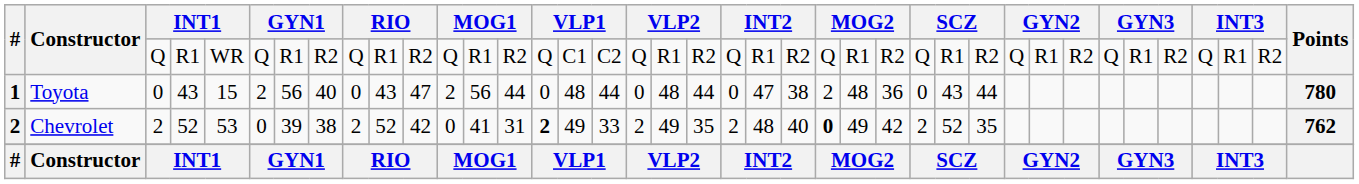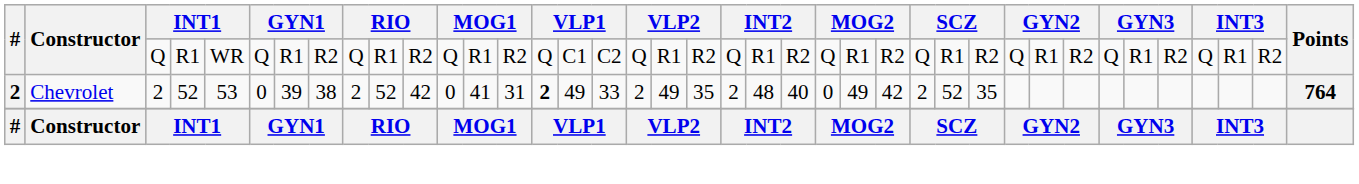 <table class="wikitable" style="font-size: 85%; text-align: center;">
 <tr valign="top">
 <th rowspan="2" valign="middle">#</th>
 <th rowspan="2" valign="middle">Constructor</th>
 <th colspan="3"><a href='#'>INT1</a></th>
 <th colspan="3"><a href='#'>GYN1</a></th>
 <th colspan="3"><a href='#'>RIO</a></th>
 <th colspan="3"><a href='#'>MOG1</a></th>
 <th colspan="3"><a href='#'>VLP1</a></th>
 <th colspan="3"><a href='#'>VLP2</a></th>
 <th colspan="3"><a href='#'>INT2</a></th>
 <th colspan="3"><a href='#'>MOG2</a></th>
 <th colspan="3"><a href='#'>SCZ</a></th>
 <th colspan="3"><a href='#'>GYN2</a></th>
 <th colspan="3"><a href='#'>GYN3</a></th>
 <th colspan="3"><a href='#'>INT3</a></th>
 <th rowspan="2" valign="middle">Points</th>
 </tr>
 <tr>
 <td>Q</td>
 <td>R1</td>
 <td>WR</td>
 <td>Q</td>
 <td>R1</td>
 <td>R2</td>
 <td>Q</td>
 <td>R1</td>
 <td>R2</td>
 <td>Q</td>
 <td>R1</td>
 <td>R2</td>
 <td>Q</td>
 <td>C1</td>
 <td>C2</td>
 <td>Q</td>
 <td>R1</td>
 <td>R2</td>
 <td>Q</td>
 <td>R1</td>
 <td>R2</td>
 <td>Q</td>
 <td>R1</td>
 <td>R2</td>
 <td>Q</td>
 <td>R1</td>
 <td>R2</td>
 <td>Q</td>
 <td>R1</td>
 <td>R2</td>
 <td>Q</td>
 <td>R1</td>
 <td>R2</td>
 <td>Q</td>
 <td>R1</td>
 <td>R2</td>
 </tr>
 <tr>
-<th>1</th>
-<td align=left> <a href='#'>Toyota</a></td>
-<td>0</td>
-<td>43</td>
-<td>15</td>
-<td>2</td>
-<td>56</td>
-<td>40</td>
-<td>0</td>
-<td>43</td>
-<td>47</td>
-<td>2</td>
-<td>56</td>
-<td>44</td>
-<td>0</td>
-<td>48</td>
-<td>44</td>
-<td>0</td>
-<td>48</td>
-<td>44</td>
-<td>0</td>
-<td>47</td>
-<td>38</td>
-<td>2</td>
-<td>48</td>
-<td>36</td>
-<td>0</td>
-<td>43</td>
-<td>44</td>
-<td></td>
-<td></td>
-<td></td>
-<td></td>
-<td></td>
-<td></td>
-<td></td>
-<td></td>
-<td></td>
-<th>780</th>
-</tr>
-<tr>
 <th>2</th>
 <td align=left> <a href='#'>Chevrolet</a></td>
 <td>2</td>
 <td>52</td>
 <td>53</td>
 <td>0</td>
 <td>39</td>
 <td>38</td>
 <td>2</td>
 <td>52</td>
 <td>42</td>
 <td>0</td>
 <td>41</td>
 <td>31</td>
 <td><strong>2</strong></td>
 <td>49</td>
 <td>33</td>
 <td>2</td>
 <td>49</td>
 <td>35</td>
 <td>2</td>
 <td>48</td>
 <td>40</td>
-<td><strong>0</strong></td>
+<td>0</td>
 <td>49</td>
 <td>42</td>
 <td>2</td>
 <td>52</td>
 <td>35</td>
 <td></td>
 <td></td>
 <td></td>
 <td></td>
 <td></td>
 <td></td>
 <td></td>
 <td></td>
 <td></td>
-<th>762</th>
+<th>764</th>
 </tr>
 <tr>
 </tr>
 <tr style="background:#f9f9f9; vertical-align:top;">
 </tr>
 <tr valign="top">
 <th rowspan="3" valign="middle">#</th>
 <th rowspan="3" valign="middle">Constructor</th>
 <th colspan="3"><a href='#'>INT1</a></th>
 <th colspan="3"><a href='#'>GYN1</a></th>
 <th colspan="3"><a href='#'>RIO</a></th>
 <th colspan="3"><a href='#'>MOG1</a></th>
 <th colspan="3"><a href='#'>VLP1</a></th>
 <th colspan="3"><a href='#'>VLP2</a></th>
 <th colspan="3"><a href='#'>INT2</a></th>
 <th colspan="3"><a href='#'>MOG2</a></th>
 <th colspan="3"><a href='#'>SCZ</a></th>
 <th colspan="3"><a href='#'>GYN2</a></th>
 <th colspan="3"><a href='#'>GYN3</a></th>
 <th colspan="3"><a href='#'>INT3</a></th>
 <th></th>
 </tr>
 </table>
